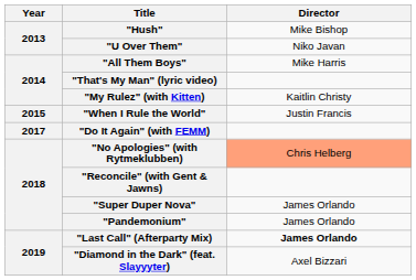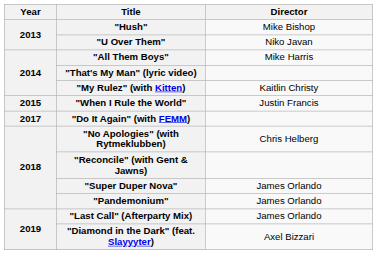 <table class="wikitable plainrowheaders" style="text-align:center;">
 <tr>
 <th scope="col" style="width:5em;">Year</th>
 <th scope="col" style="width:15em;">Title</th>
 <th scope="col" style="width:17em;">Director</th>
 </tr>
 <tr>
 <th rowspan="2">2013</th>
 <th scope="row">"Hush"</th>
 <td>Mike Bishop</td>
 </tr>
 <tr>
 <th scope="row">"U Over Them"</th>
 <td>Niko Javan</td>
 </tr>
 <tr>
 <th rowspan="3">2014</th>
 <th scope="row">"All Them Boys"</th>
 <td>Mike Harris</td>
 </tr>
 <tr>
 <th scope="row">"That's My Man" (lyric video)</th>
 </tr>
 <tr>
 <th scope="row">"My Rulez" (with <a href='#'>Kitten</a>)</th>
 <td>Kaitlin Christy</td>
 </tr>
 <tr>
 <th>2015</th>
 <th scope="row">"When I Rule the World"</th>
 <td>Justin Francis</td>
 </tr>
 <tr>
 <th>2017</th>
 <th scope="row">"Do It Again" (with <a href='#'>FEMM</a>)</th>
 <td></td>
 </tr>
 <tr>
 <th rowspan="4">2018</th>
 <th scope="row">"No Apologies" (with Rytmeklubben)</th>
-<td style="background: lightsalmon;">Chris Helberg</td>
+<td>Chris Helberg</td>
 </tr>
 <tr>
 <th scope="row">"Reconcile" (with Gent & Jawns)</th>
 <td></td>
 </tr>
 <tr>
 <th scope="row">"Super Duper Nova"</th>
 <td>James Orlando</td>
 </tr>
 <tr>
 <th scope="row">"Pandemonium"</th>
 <td>James Orlando</td>
 </tr>
 <tr>
 <th rowspan="2">2019</th>
 <th scope="row">"Last Call" (Afterparty Mix)</th>
-<td><strong>James Orlando</strong></td>
+<td>James Orlando</td>
 </tr>
 <tr>
 <th scope="row">"Diamond in the Dark" (feat. <a href='#'>Slayyyter</a>)</th>
 <td>Axel Bizzari</td>
 </tr>
 </table>
